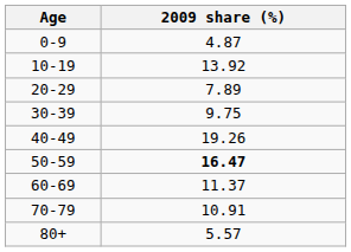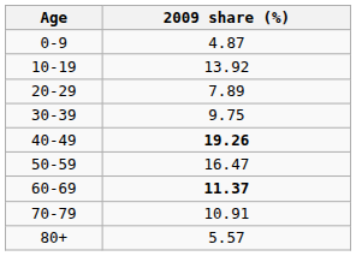 <table class="wikitable" width="300">
 <tr>
 <th>Age</th>
 <th>2009 share (%)</th>
 </tr>
 <tr align="center">
 <td>0-9</td>
 <td>4.87</td>
 </tr>
 <tr align="center">
 <td>10-19</td>
 <td>13.92</td>
 </tr>
 <tr align="center">
 <td>20-29</td>
 <td>7.89</td>
 </tr>
 <tr align="center">
 <td>30-39</td>
 <td>9.75</td>
 </tr>
 <tr align="center">
 <td>40-49</td>
-<td>19.26</td>
+<td><strong>19.26</strong></td>
 </tr>
 <tr align="center">
 <td>50-59</td>
-<td><strong>16.47</strong></td>
+<td>16.47</td>
 </tr>
 <tr align="center">
 <td>60-69</td>
-<td>11.37</td>
+<td><strong>11.37</strong></td>
 </tr>
 <tr align="center">
 <td>70-79</td>
 <td>10.91</td>
 </tr>
 <tr align="center">
 <td>80+</td>
 <td>5.57</td>
 </tr>
 </table>
